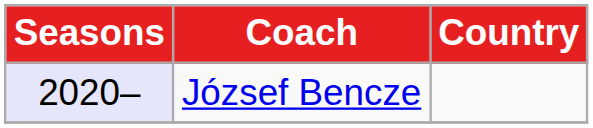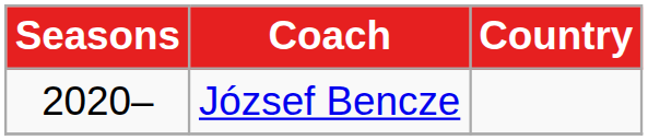 <table class="wikitable" style="text-align: center;">
 <tr>
 <th style="color:white; background:#E62020">Seasons</th>
 <th style="color:white; background:#E62020">Coach</th>
 <th style="color:white; background:#E62020">Country</th>
 </tr>
 <tr>
-<td style="background: lavender; text-align: center">2020–</td>
+<td style="text-align: center">2020–</td>
 <td style="text-align: center"><a href='#'>József Bencze</a></td>
 <td style="text-align: center"></td>
 </tr>
 <tr>
 </tr>
 </table>
